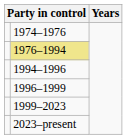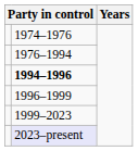 <table class="wikitable">
 <tr>
 <th colspan="2">Party in control</th>
 <th>Years</th>
 </tr>
 <tr>
 <td></td>
 <td>1974–1976</td>
 </tr>
 <tr>
 <td></td>
-<td style="background: khaki;">1976–1994</td>
+<td>1976–1994</td>
 </tr>
 <tr>
 <td></td>
-<td>1994–1996</td>
+<td><strong>1994–1996</strong></td>
 </tr>
 <tr>
 <td></td>
 <td>1996–1999</td>
 </tr>
 <tr>
 <td></td>
 <td>1999–2023</td>
 </tr>
 <tr>
 <td></td>
-<td>2023–present</td>
+<td style="background: lavender;">2023–present</td>
 </tr>
 </table>
